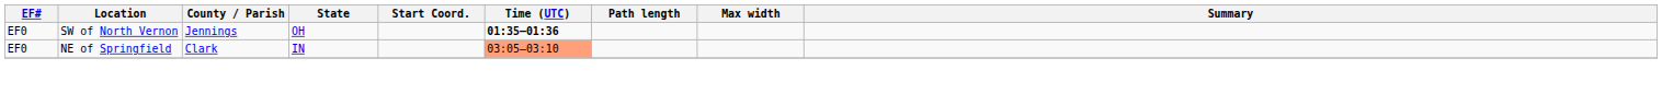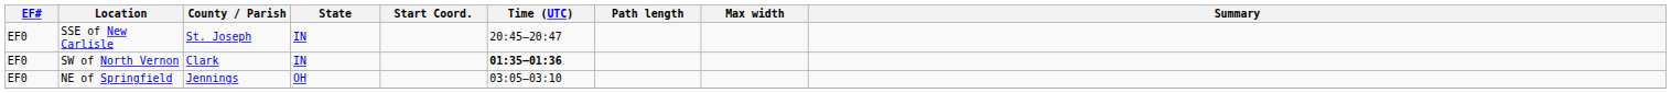 <table class="wikitable sortable" style="width:100%;">
 <tr>
 <th scope="col"  style="width:3%; text-align:center;"><a href='#'>EF#</a></th>
 <th scope="col"  style="width:7%; text-align:center;" class="unsortable">Location</th>
 <th scope="col"  style="width:6%; text-align:center;" class="unsortable">County / Parish</th>
 <th scope="col"  style="width:5%; text-align:center;">State</th>
 <th scope="col"  style="width:6%; text-align:center;">Start Coord.</th>
 <th scope="col"  style="width:6%; text-align:center;">Time (<a href='#'>UTC</a>)</th>
 <th scope="col"  style="width:6%; text-align:center;">Path length</th>
 <th scope="col"  style="width:6%; text-align:center;">Max width</th>
 <th scope="col" class="unsortable" style="width:48%; text-align:center;">Summary</th>
 </tr>
 <tr>
 <td>EF0</td>
+<td>SSE of <a href='#'>New Carlisle</a></td>
+<td><a href='#'>St. Joseph</a></td>
+<td><a href='#'>IN</a></td>
+<td></td>
+<td>20:45–20:47</td>
+<td></td>
+<td></td>
+<td></td>
+</tr>
+<tr>
+<td>EF0</td>
 <td>SW of <a href='#'>North Vernon</a></td>
-<td><a href='#'>Jennings</a></td>
-<td><a href='#'>OH</a></td>
+<td><a href='#'>Clark</a></td>
+<td><a href='#'>IN</a></td>
 <td></td>
 <td><strong>01:35–01:36</strong></td>
 <td></td>
 <td></td>
 <td></td>
 </tr>
 <tr>
 <td>EF0</td>
 <td>NE of <a href='#'>Springfield</a></td>
-<td><a href='#'>Clark</a></td>
-<td><a href='#'>IN</a></td>
+<td><a href='#'>Jennings</a></td>
+<td><a href='#'>OH</a></td>
 <td></td>
-<td style="background: lightsalmon;">03:05–03:10</td>
+<td>03:05–03:10</td>
 <td></td>
 <td></td>
 <td></td>
 </tr>
 <tr>
 </tr>
 </table>
